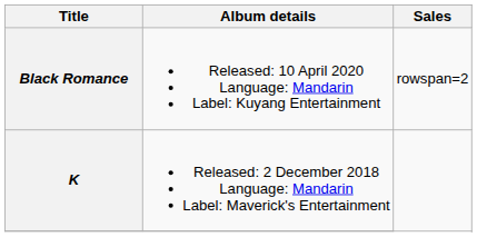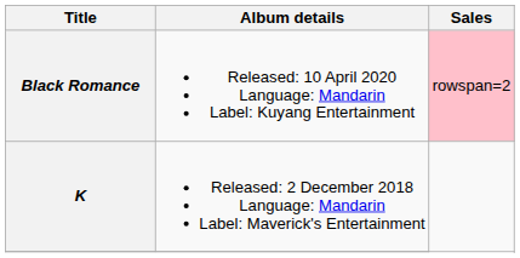 <table class="wikitable plainrowheaders" style="text-align:center;">
 <tr>
 <th scope="col" style="width:9em;">Title</th>
 <th scope="col">Album details</th>
 <th>Sales</th>
 </tr>
 <tr>
 <th scope="row"><em>Black Romance</em></th>
 <td><br><ul><li>Released: 10 April 2020</li><li>Language: <a href='#'>Mandarin</a></li><li>Label: Kuyang Entertainment</li></ul></td>
-<td>rowspan=2 </td>
+<td style="background: pink;">rowspan=2 </td>
 </tr>
 <tr>
 <th scope="row"><em>K</em></th>
 <td><br><ul><li>Released: 2 December 2018</li><li>Language: <a href='#'>Mandarin</a></li><li>Label: Maverick's Entertainment</li></ul></td>
 </tr>
 <tr>
 </tr>
 </table>
